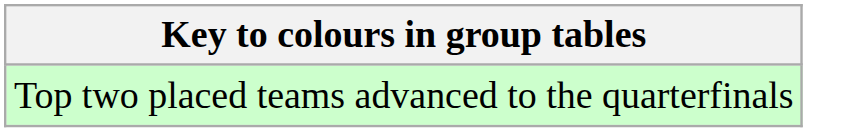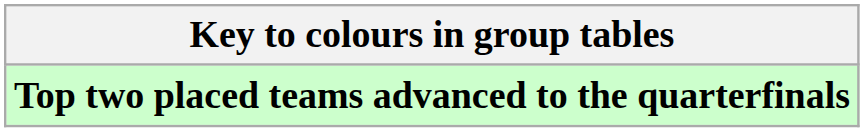 <table class="wikitable">
 <tr>
 <th>Key to colours in group tables</th>
 </tr>
 <tr bgcolor=#ccffcc>
-<td>Top two placed teams advanced to the quarterfinals</td>
+<td><strong>Top two placed teams advanced to the quarterfinals</strong></td>
 </tr>
 </table>
